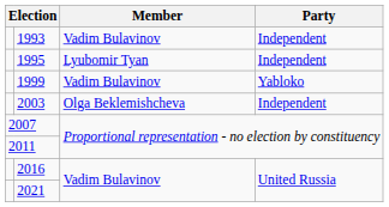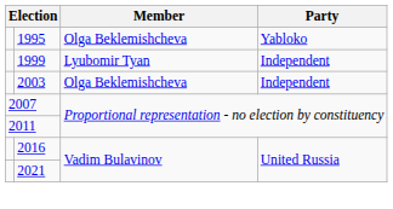 <table class="wikitable">
 <tr>
 <th colspan="2">Election</th>
 <th>Member</th>
 <th>Party</th>
 </tr>
 <tr>
 <td style="background-color:"></td>
-<td><a href='#'>1993</a></td>
-<td><a href='#'>Vadim Bulavinov</a></td>
-<td><a href='#'>Independent</a></td>
-</tr>
-<tr>
-<td style="background-color:"></td>
 <td><a href='#'>1995</a></td>
-<td><a href='#'>Lyubomir Tyan</a></td>
-<td><a href='#'>Independent</a></td>
+<td><a href='#'>Olga Beklemishcheva</a></td>
+<td><a href='#'>Yabloko</a></td>
 </tr>
 <tr>
 <td style="background-color:"></td>
 <td><a href='#'>1999</a></td>
-<td><a href='#'>Vadim Bulavinov</a></td>
-<td><a href='#'>Yabloko</a></td>
+<td><a href='#'>Lyubomir Tyan</a></td>
+<td><a href='#'>Independent</a></td>
 </tr>
 <tr>
 <td style="background-color: "></td>
 <td><a href='#'>2003</a></td>
 <td><a href='#'>Olga Beklemishcheva</a></td>
 <td><a href='#'>Independent</a></td>
 </tr>
 <tr>
 <td colspan=2><a href='#'>2007</a></td>
 <td colspan=2 rowspan=2><em><a href='#'>Proportional representation</a> - no election by constituency</em></td>
 </tr>
 <tr>
 <td colspan=2><a href='#'>2011</a></td>
 </tr>
 <tr>
 <td style="background-color: "></td>
 <td><a href='#'>2016</a></td>
 <td rowspan=2><a href='#'>Vadim Bulavinov</a></td>
 <td rowspan=2><a href='#'>United Russia</a></td>
 </tr>
 <tr>
 <td style="background-color: "></td>
 <td><a href='#'>2021</a></td>
 </tr>
 </table>
